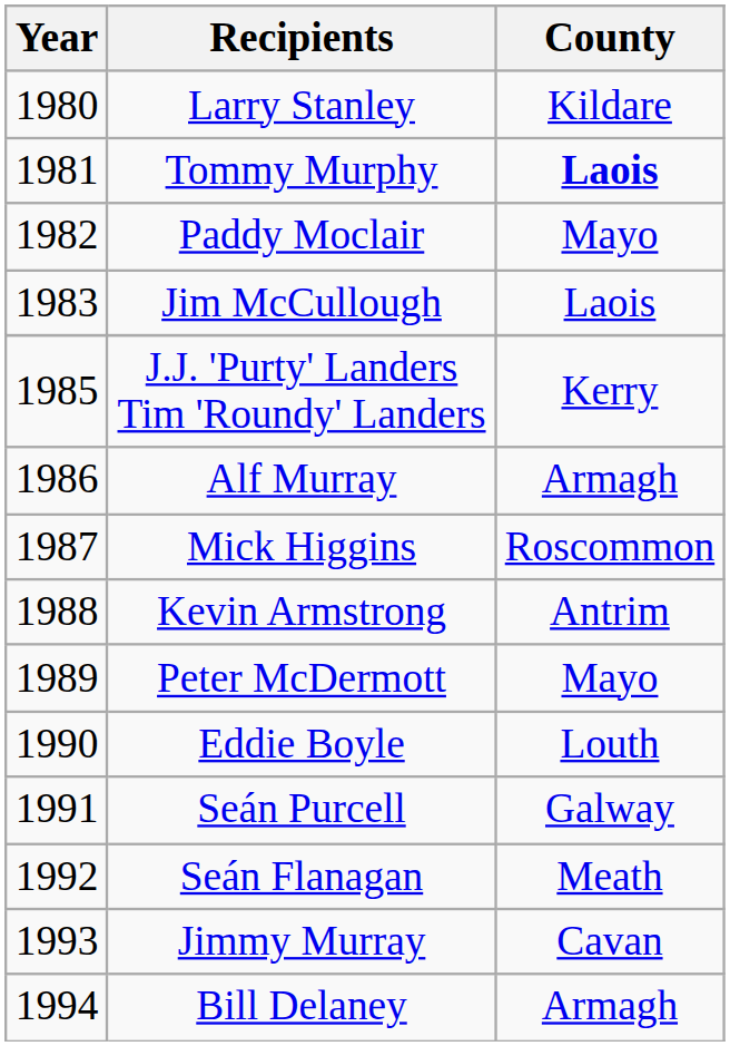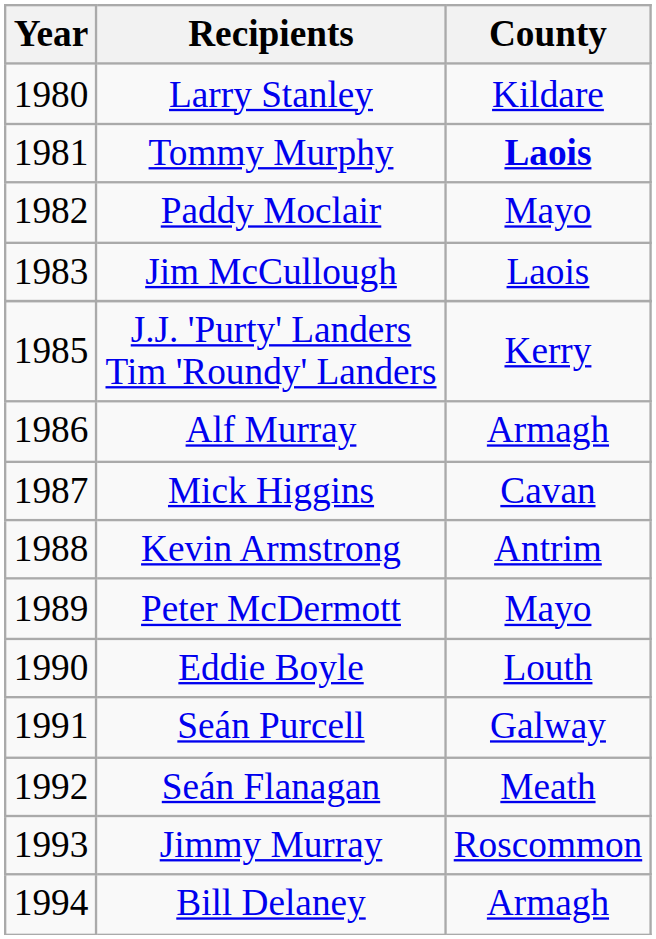 <table class="wikitable" style="text-align:center">
 <tr>
 <th>Year</th>
 <th>Recipients</th>
 <th>County</th>
 </tr>
 <tr>
 <td>1980</td>
 <td><a href='#'>Larry Stanley</a></td>
 <td><a href='#'>Kildare</a></td>
 </tr>
 <tr>
 <td>1981</td>
 <td><a href='#'>Tommy Murphy</a></td>
 <td><strong><a href='#'>Laois</a></strong></td>
 </tr>
 <tr>
 <td>1982</td>
 <td><a href='#'>Paddy Moclair</a></td>
 <td><a href='#'>Mayo</a></td>
 </tr>
 <tr>
 <td>1983</td>
 <td><a href='#'>Jim McCullough</a></td>
 <td><a href='#'>Laois</a></td>
 </tr>
 <tr>
 </tr>
 <tr>
 <td>1985</td>
 <td><a href='#'>J.J. 'Purty' Landers</a><br><a href='#'>Tim 'Roundy' Landers</a></td>
 <td><a href='#'>Kerry</a></td>
 </tr>
 <tr>
 <td>1986</td>
 <td><a href='#'>Alf Murray</a></td>
 <td> <a href='#'>Armagh</a></td>
 </tr>
 <tr>
 <td>1987</td>
 <td><a href='#'>Mick Higgins</a></td>
-<td> <a href='#'>Roscommon</a></td>
+<td> <a href='#'>Cavan</a></td>
 </tr>
 <tr>
 <td>1988</td>
 <td><a href='#'>Kevin Armstrong</a></td>
 <td> <a href='#'>Antrim</a></td>
 </tr>
 <tr>
 <td>1989</td>
 <td><a href='#'>Peter McDermott</a></td>
 <td> <a href='#'>Mayo</a></td>
 </tr>
 <tr>
 <td>1990</td>
 <td><a href='#'>Eddie Boyle</a></td>
 <td> <a href='#'>Louth</a></td>
 </tr>
 <tr>
 <td>1991</td>
 <td><a href='#'>Seán Purcell</a></td>
 <td><a href='#'>Galway</a></td>
 </tr>
 <tr>
 <td>1992</td>
 <td><a href='#'>Seán Flanagan</a></td>
 <td> <a href='#'>Meath</a></td>
 </tr>
 <tr>
 <td>1993</td>
 <td><a href='#'>Jimmy Murray</a></td>
-<td> <a href='#'>Cavan</a></td>
+<td> <a href='#'>Roscommon</a></td>
 </tr>
 <tr>
 <td>1994</td>
 <td><a href='#'>Bill Delaney</a></td>
 <td> <a href='#'>Armagh</a></td>
 </tr>
 </table>
